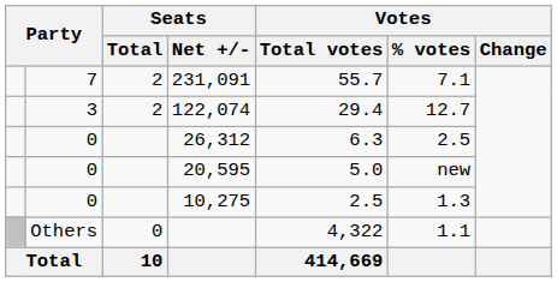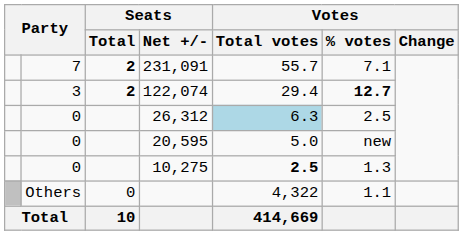 <table class="wikitable" style="text-align:right; font-size:95%;">
 <tr>
 <th colspan="2" rowspan="2">Party</th>
 <th colspan="2">Seats</th>
 <th colspan="3">Votes</th>
 </tr>
 <tr>
 <th>Total</th>
 <th>Net +/-</th>
 <th>Total votes</th>
 <th>% votes</th>
 <th>Change</th>
 </tr>
 <tr>
 <td></td>
 <td>7</td>
-<td>2</td>
+<td><strong>2</strong></td>
 <td>231,091</td>
 <td>55.7</td>
 <td>7.1</td>
 </tr>
 <tr>
 <td></td>
 <td>3</td>
-<td>2</td>
+<td><strong>2</strong></td>
 <td>122,074</td>
 <td>29.4</td>
-<td>12.7</td>
+<td><strong>12.7</strong></td>
 </tr>
 <tr>
 <td></td>
 <td>0</td>
 <td></td>
 <td>26,312</td>
-<td>6.3</td>
+<td style="background: lightblue;">6.3</td>
 <td>2.5</td>
 </tr>
 <tr>
 <td></td>
 <td>0</td>
 <td></td>
 <td>20,595</td>
 <td>5.0</td>
 <td>new</td>
 </tr>
 <tr>
 <td></td>
 <td>0</td>
 <td></td>
 <td>10,275</td>
-<td>2.5</td>
+<td><strong>2.5</strong></td>
 <td>1.3</td>
 </tr>
 <tr>
 <td style="background:silver;"> </td>
 <td align=left>Others</td>
 <td>0</td>
 <td></td>
 <td>4,322</td>
 <td>1.1</td>
 <td></td>
 </tr>
 <tr>
 <th colspan="2" style="background:#f2f2f2">Total</th>
 <td style="background:#f2f2f2;"><strong>10</strong></td>
 <td style="background:#f2f2f2;"></td>
 <td style="background:#f2f2f2;"><strong>414,669</strong></td>
 <td style="background:#f2f2f2;"></td>
 <td style="background:#f2f2f2;"></td>
 </tr>
 </table>
